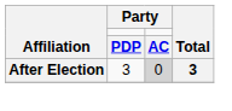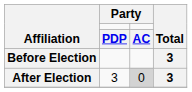 <table class=wikitable style="text-align:center">
 <tr style="vertical-align:bottom;">
 <th rowspan=3>Affiliation</th>
 <th colspan=2>Party</th>
 <th rowspan=3>Total</th>
 </tr>
 <tr>
 <td style="background-color:"></td>
 <td style="background-color:"></td>
 </tr>
 <tr>
 <th><a href='#'>PDP</a></th>
 <th><a href='#'>AC</a></th>
 </tr>
 <tr>
+<th>Before Election</th>
+<td></td>
+<td></td>
+<th>3</th>
+</tr>
+<tr>
 <th>After Election</th>
 <td>3</td>
 <td style="background: lightgrey;">0</td>
 <th>3</th>
 </tr>
 <tr>
 </tr>
 </table>
